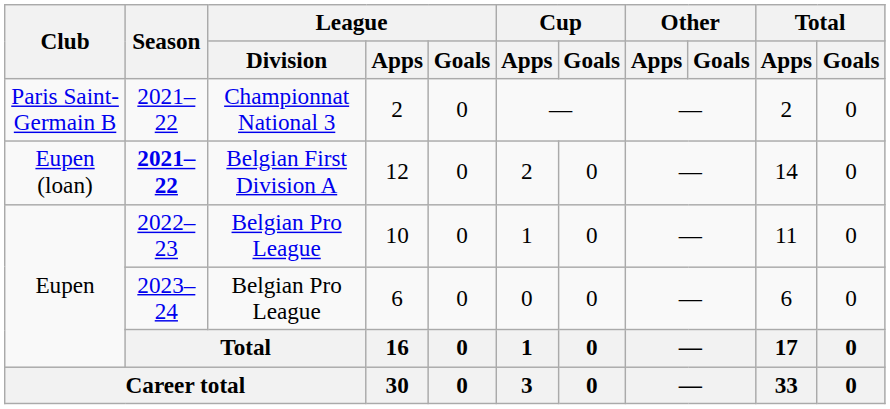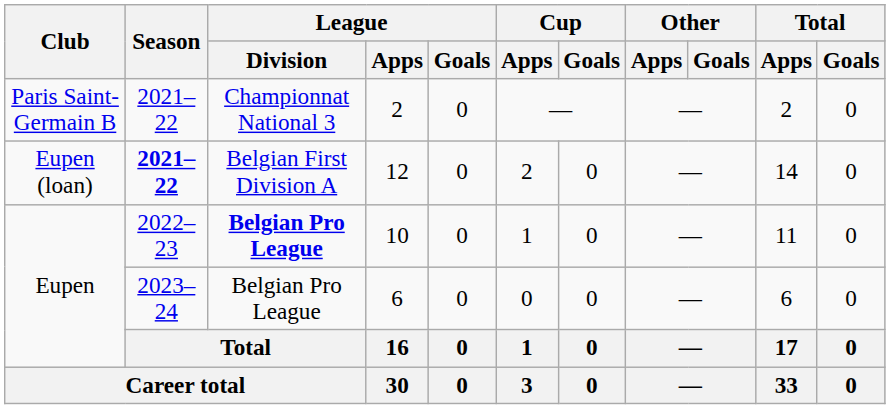 <table class="wikitable" Style="text-align: center">
 <tr>
 <th rowspan="2">Club</th>
 <th rowspan="2">Season</th>
 <th colspan="3">League</th>
 <th colspan="2">Cup</th>
 <th colspan="2">Other</th>
 <th colspan="2">Total</th>
 </tr>
 <tr>
 <th>Division</th>
 <th>Apps</th>
 <th>Goals</th>
 <th>Apps</th>
 <th>Goals</th>
 <th>Apps</th>
 <th>Goals</th>
 <th>Apps</th>
 <th>Goals</th>
 </tr>
 <tr>
 <td><a href='#'>Paris Saint-Germain B</a></td>
 <td><a href='#'>2021–22</a></td>
 <td><a href='#'>Championnat National 3</a></td>
 <td>2</td>
 <td>0</td>
 <td colspan="2">—</td>
 <td colspan="2">—</td>
 <td>2</td>
 <td>0</td>
 </tr>
 <tr>
 <td><a href='#'>Eupen</a> (loan)</td>
 <td><strong><a href='#'>2021–22</a></strong></td>
 <td><a href='#'>Belgian First Division A</a></td>
 <td>12</td>
 <td>0</td>
 <td>2</td>
 <td>0</td>
 <td colspan="2">—</td>
 <td>14</td>
 <td>0</td>
 </tr>
 <tr>
 <td rowspan="3">Eupen</td>
 <td><a href='#'>2022–23</a></td>
-<td><a href='#'>Belgian Pro League</a></td>
+<td><strong><a href='#'>Belgian Pro League</a></strong></td>
 <td>10</td>
 <td>0</td>
 <td>1</td>
 <td>0</td>
 <td colspan="2">—</td>
 <td>11</td>
 <td>0</td>
 </tr>
 <tr>
 <td><a href='#'>2023–24</a></td>
 <td>Belgian Pro League</td>
 <td>6</td>
 <td>0</td>
 <td>0</td>
 <td>0</td>
 <td colspan="2">—</td>
 <td>6</td>
 <td>0</td>
 </tr>
 <tr>
 <th colspan="2">Total</th>
 <th>16</th>
 <th>0</th>
 <th>1</th>
 <th>0</th>
 <th colspan="2">—</th>
 <th>17</th>
 <th>0</th>
 </tr>
 <tr>
 <th colspan="3">Career total</th>
 <th>30</th>
 <th>0</th>
 <th>3</th>
 <th>0</th>
 <th colspan="2">—</th>
 <th>33</th>
 <th>0</th>
 </tr>
 </table>
